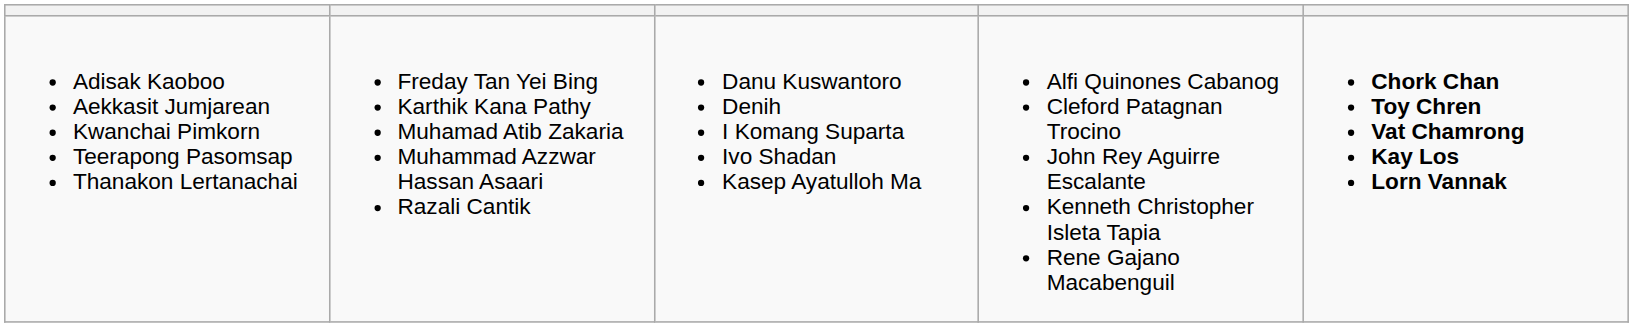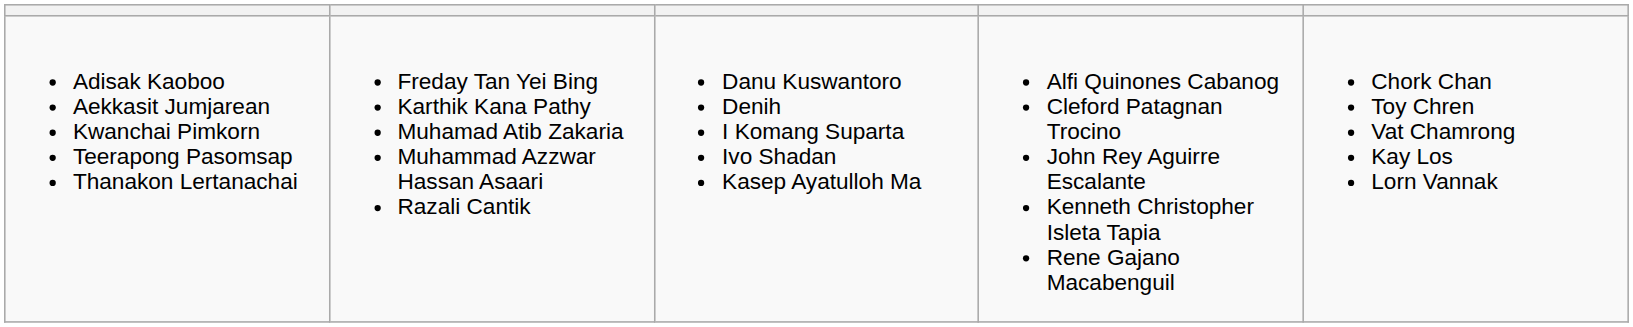 <table class="wikitable" style="font-size:90%">
 <tr>
 <th width=200></th>
 <th width=200></th>
 <th width=200></th>
 <th width=200></th>
 <th width=200></th>
 </tr>
 <tr>
 <td valign=top><br><ul><li>Adisak Kaoboo</li><li>Aekkasit Jumjarean</li><li>Kwanchai Pimkorn</li><li>Teerapong Pasomsap</li><li>Thanakon Lertanachai</li></ul></td>
 <td valign=top><br><ul><li>Freday Tan Yei Bing</li><li>Karthik Kana Pathy</li><li>Muhamad Atib Zakaria</li><li>Muhammad Azzwar Hassan Asaari</li><li>Razali Cantik</li></ul></td>
 <td valign=top><br><ul><li>Danu Kuswantoro</li><li>Denih</li><li>I Komang Suparta</li><li>Ivo Shadan</li><li>Kasep Ayatulloh Ma</li></ul></td>
 <td valign=top><br><ul><li>Alfi Quinones Cabanog</li><li>Cleford Patagnan Trocino</li><li>John Rey Aguirre Escalante</li><li>Kenneth Christopher Isleta Tapia</li><li>Rene Gajano Macabenguil</li></ul></td>
-<td valign=top><strong><br><ul><li>Chork Chan</li><li>Toy Chren</li><li>Vat Chamrong</li><li>Kay Los</li><li>Lorn Vannak</li></ul></strong></td>
+<td valign=top><br><ul><li>Chork Chan</li><li>Toy Chren</li><li>Vat Chamrong</li><li>Kay Los</li><li>Lorn Vannak</li></ul></td>
 </tr>
 </table>
